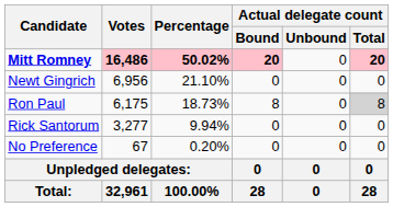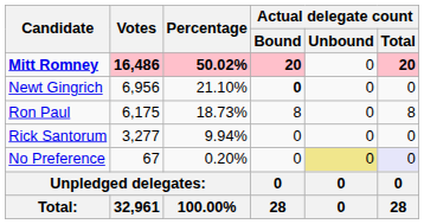 <table class="wikitable" style="text-align:right;">
 <tr>
 <th rowspan="2">Candidate</th>
 <th rowspan="2">Votes</th>
 <th rowspan="2">Percentage</th>
 <th colspan="3" style="vertical-align:middle;">Actual delegate count </th>
 </tr>
 <tr>
 <th>Bound</th>
 <th>Unbound</th>
 <th>Total</th>
 </tr>
 <tr>
 <td style="text-align:left;"> <strong><a href='#'>Mitt Romney</a></strong></td>
 <td style="background:pink;"><strong>16,486</strong></td>
 <td style="background:pink;"><strong>50.02%</strong></td>
 <td style="background:pink;"><strong>20</strong></td>
 <td>0</td>
 <td style="background:pink;"><strong>20</strong></td>
 </tr>
 <tr>
 <td style="text-align:left;"><a href='#'>Newt Gingrich</a></td>
 <td>6,956</td>
 <td>21.10%</td>
-<td>0</td>
+<td><strong>0</strong></td>
 <td>0</td>
 <td>0</td>
 </tr>
 <tr>
 <td style="text-align:left;"><a href='#'>Ron Paul</a></td>
 <td>6,175</td>
 <td>18.73%</td>
 <td>8</td>
 <td>0</td>
-<td style="background: lightgrey;">8</td>
+<td>8</td>
 </tr>
 <tr>
 <td style="text-align:left;"><a href='#'>Rick Santorum</a></td>
 <td>3,277</td>
 <td>9.94%</td>
 <td>0</td>
 <td>0</td>
 <td>0</td>
 </tr>
 <tr>
 <td style="text-align:left;"><a href='#'>No Preference</a></td>
 <td>67</td>
 <td>0.20%</td>
 <td>0</td>
-<td>0</td>
-<td>0</td>
+<td style="background: khaki;">0</td>
+<td style="background: lavender;">0</td>
 </tr>
 <tr style="background:#eee;">
 <th colspan="3">Unpledged delegates:</th>
 <th>0</th>
 <th>0</th>
 <th>0</th>
 </tr>
 <tr style="background:#eee;">
 <th>Total:</th>
 <th>32,961</th>
 <th>100.00%</th>
 <th>28</th>
 <th>0</th>
 <th>28</th>
 </tr>
 </table>
